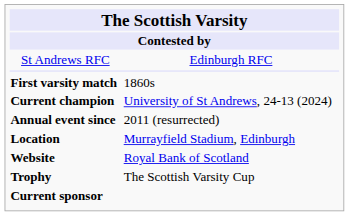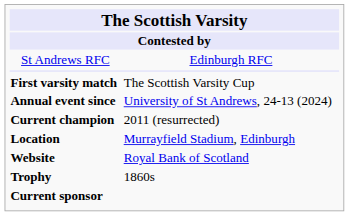 <table class="infobox" style="width: 26em; font-size: 95%;">
 <tr>
 <td colspan="2" style="text-align: center; font-size: 130%;background:lavender;"><strong>The Scottish Varsity</strong><br><small></small></td>
 </tr>
 <tr>
 <td colspan="2" style="text-align: center; font-size: 100%; background:lavender;"><strong>Contested by</strong></td>
 </tr>
 <tr>
 <td style="text-align:center;"><a href='#'>St Andrews RFC</a></td>
 <td style="text-align:center;"><a href='#'>Edinburgh RFC</a></td>
 </tr>
 <tr>
 <td colspan="2" style="text-align: center; font-size: 100%; background:lavender;"></td>
 </tr>
 <tr>
 <td><strong>First varsity match</strong></td>
-<td>1860s</td>
+<td>The Scottish Varsity Cup</td>
+</tr>
+<tr>
+<td><strong>Annual event since</strong></td>
+<td><a href='#'>University of St Andrews</a>, 24-13 (2024)</td>
 </tr>
 <tr>
 <td><strong>Current champion</strong></td>
-<td><a href='#'>University of St Andrews</a>, 24-13 (2024)</td>
-</tr>
-<tr>
-<td><strong>Annual event since</strong></td>
 <td>2011 (resurrected)</td>
 </tr>
 <tr>
 <td><strong>Location</strong></td>
 <td><a href='#'>Murrayfield Stadium</a>, <a href='#'>Edinburgh</a></td>
 </tr>
 <tr>
 <td><strong>Website</strong></td>
 <td><a href='#'>Royal Bank of Scotland</a></td>
 </tr>
 <tr>
 <td><strong>Trophy</strong></td>
-<td>The Scottish Varsity Cup</td>
+<td>1860s</td>
 </tr>
 <tr>
 <td><strong>Current sponsor</strong></td>
 <td></td>
 </tr>
 <tr>
 </tr>
 </table>
